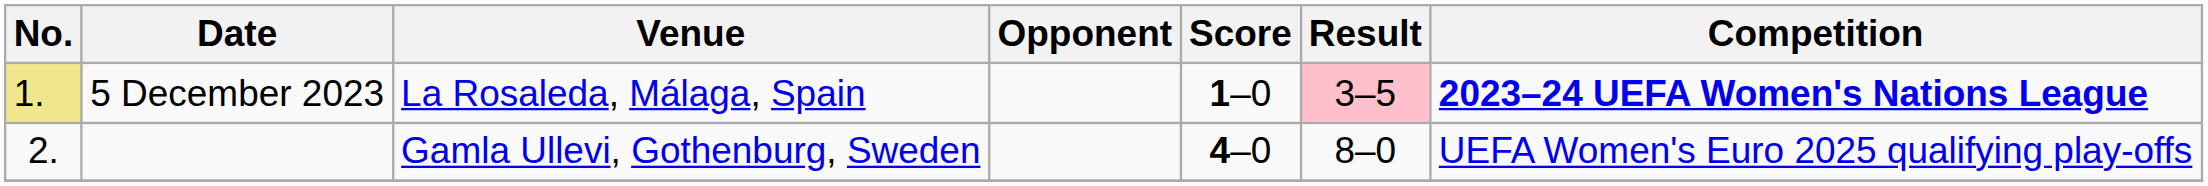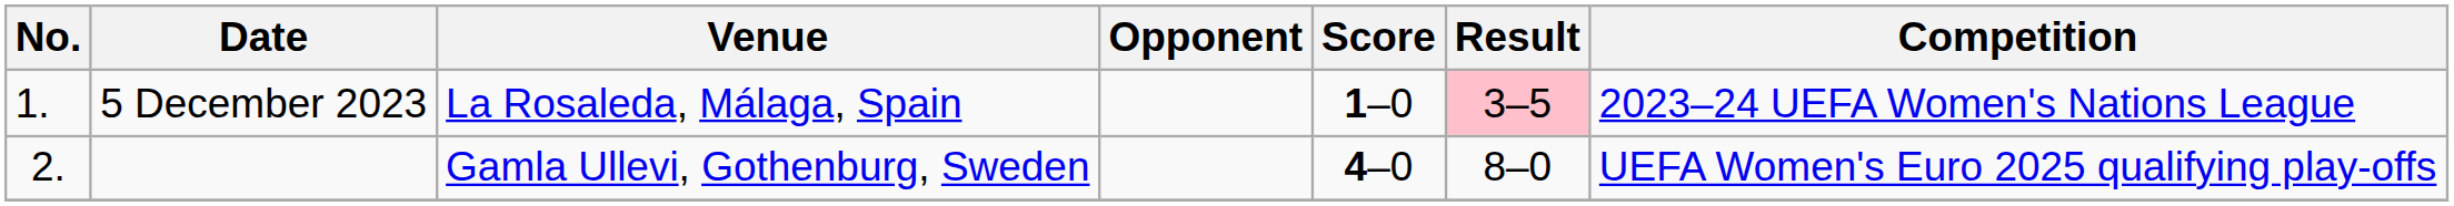 <table class="wikitable">
 <tr>
 <th>No.</th>
 <th>Date</th>
 <th>Venue</th>
 <th>Opponent</th>
 <th>Score</th>
 <th>Result</th>
 <th>Competition</th>
 </tr>
 <tr>
-<td style="background: khaki;">1.</td>
+<td>1.</td>
 <td>5 December 2023</td>
 <td><a href='#'>La Rosaleda</a>, <a href='#'>Málaga</a>, <a href='#'>Spain</a></td>
 <td></td>
 <td align=center><strong>1</strong>–0</td>
 <td align=center style="background: pink;">3–5</td>
-<td><strong><a href='#'>2023–24 UEFA Women's Nations League</a></strong></td>
+<td><a href='#'>2023–24 UEFA Women's Nations League</a></td>
 </tr>
 <tr>
 <td align="center">2.</td>
 <td></td>
 <td><a href='#'>Gamla Ullevi</a>, <a href='#'>Gothenburg</a>, <a href='#'>Sweden</a></td>
 <td></td>
 <td align="center"><strong>4</strong>–0</td>
 <td align="center">8–0</td>
 <td><a href='#'>UEFA Women's Euro 2025 qualifying play-offs</a></td>
 </tr>
 <tr>
 </tr>
 </table>
